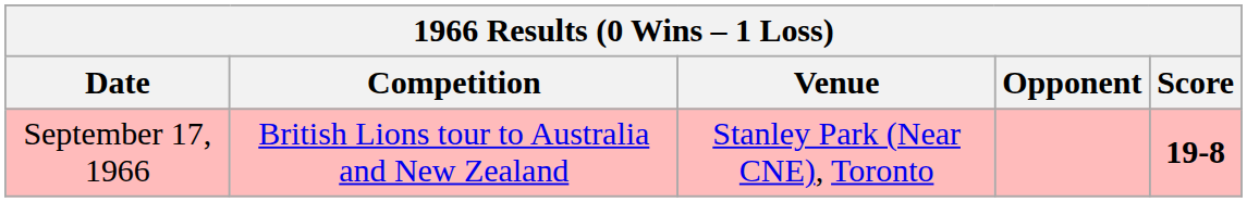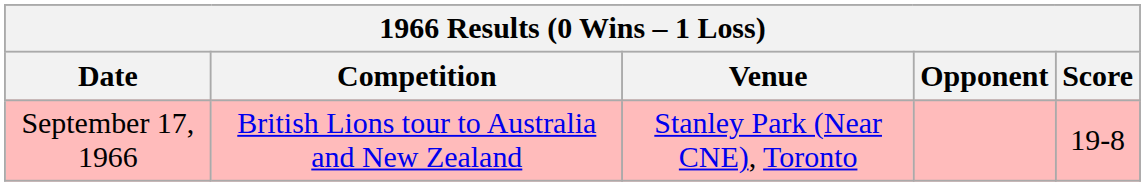 <table class="wikitable sortable">
 <tr>
 <th colspan="5"><strong>1966 Results (0 Wins – 1 Loss)</strong></th>
 </tr>
 <tr>
 <th>Date</th>
 <th>Competition</th>
 <th>Venue</th>
 <th>Opponent</th>
 <th>Score</th>
 </tr>
 <tr style="background:#fbb;">
 <td align=center>September 17, 1966</td>
 <td align=center><a href='#'>British Lions tour to Australia and New Zealand</a></td>
 <td align=center><a href='#'>Stanley Park (Near CNE)</a>, <a href='#'>Toronto</a></td>
 <td></td>
-<td align=center><strong>19-8</strong></td>
+<td align=center>19-8</td>
 </tr>
 </table>
